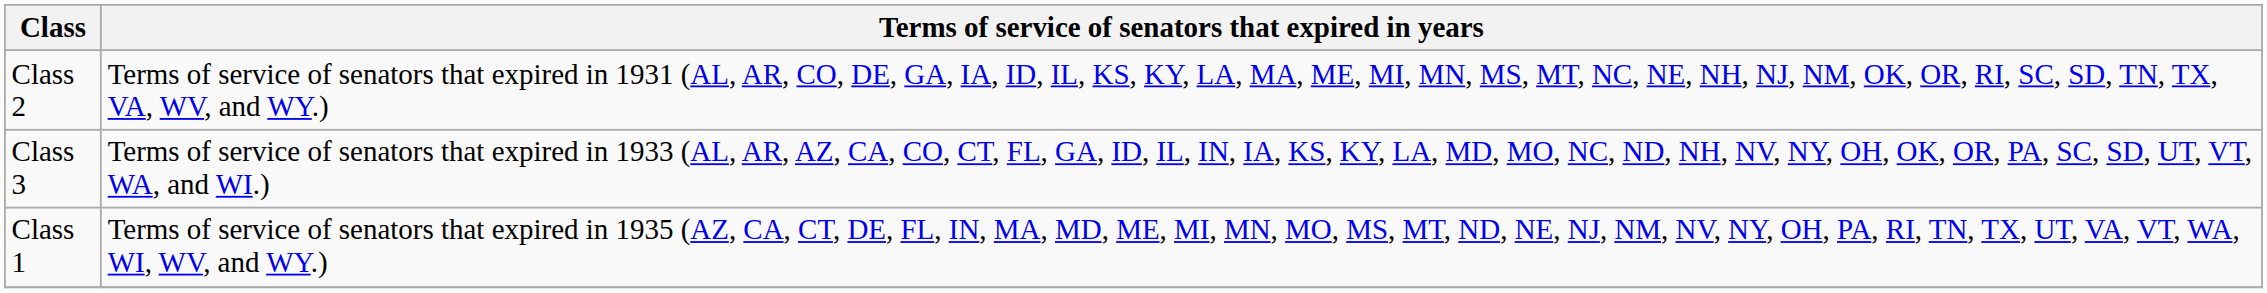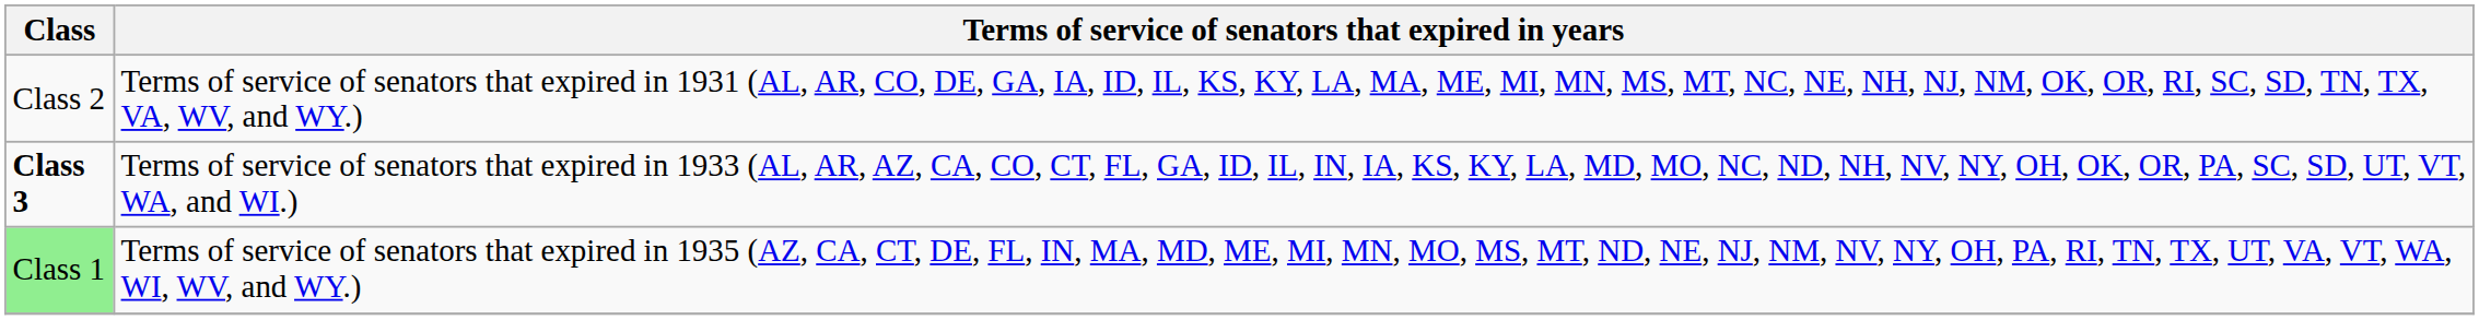 <table class="wikitable sortable">
 <tr valign=bottom>
 <th>Class</th>
 <th>Terms of service of senators that expired in years</th>
 </tr>
 <tr>
 <td>Class 2</td>
 <td>Terms of service of senators that expired in 1931 (<a href='#'>AL</a>, <a href='#'>AR</a>, <a href='#'>CO</a>, <a href='#'>DE</a>, <a href='#'>GA</a>, <a href='#'>IA</a>, <a href='#'>ID</a>, <a href='#'>IL</a>, <a href='#'>KS</a>, <a href='#'>KY</a>, <a href='#'>LA</a>, <a href='#'>MA</a>, <a href='#'>ME</a>, <a href='#'>MI</a>, <a href='#'>MN</a>, <a href='#'>MS</a>, <a href='#'>MT</a>, <a href='#'>NC</a>, <a href='#'>NE</a>, <a href='#'>NH</a>, <a href='#'>NJ</a>, <a href='#'>NM</a>, <a href='#'>OK</a>, <a href='#'>OR</a>, <a href='#'>RI</a>, <a href='#'>SC</a>, <a href='#'>SD</a>, <a href='#'>TN</a>, <a href='#'>TX</a>, <a href='#'>VA</a>, <a href='#'>WV</a>, and <a href='#'>WY</a>.)</td>
 </tr>
 <tr>
-<td>Class 3</td>
+<td><strong>Class 3</strong></td>
 <td>Terms of service of senators that expired in 1933 (<a href='#'>AL</a>, <a href='#'>AR</a>, <a href='#'>AZ</a>, <a href='#'>CA</a>, <a href='#'>CO</a>, <a href='#'>CT</a>, <a href='#'>FL</a>, <a href='#'>GA</a>, <a href='#'>ID</a>, <a href='#'>IL</a>, <a href='#'>IN</a>, <a href='#'>IA</a>, <a href='#'>KS</a>, <a href='#'>KY</a>, <a href='#'>LA</a>, <a href='#'>MD</a>, <a href='#'>MO</a>, <a href='#'>NC</a>, <a href='#'>ND</a>, <a href='#'>NH</a>, <a href='#'>NV</a>, <a href='#'>NY</a>, <a href='#'>OH</a>, <a href='#'>OK</a>, <a href='#'>OR</a>, <a href='#'>PA</a>, <a href='#'>SC</a>, <a href='#'>SD</a>, <a href='#'>UT</a>, <a href='#'>VT</a>, <a href='#'>WA</a>, and <a href='#'>WI</a>.)</td>
 </tr>
 <tr>
-<td>Class 1</td>
+<td style="background: lightgreen;">Class 1</td>
 <td>Terms of service of senators that expired in 1935 (<a href='#'>AZ</a>, <a href='#'>CA</a>, <a href='#'>CT</a>, <a href='#'>DE</a>, <a href='#'>FL</a>, <a href='#'>IN</a>, <a href='#'>MA</a>, <a href='#'>MD</a>, <a href='#'>ME</a>, <a href='#'>MI</a>, <a href='#'>MN</a>, <a href='#'>MO</a>, <a href='#'>MS</a>, <a href='#'>MT</a>, <a href='#'>ND</a>, <a href='#'>NE</a>, <a href='#'>NJ</a>, <a href='#'>NM</a>, <a href='#'>NV</a>, <a href='#'>NY</a>, <a href='#'>OH</a>, <a href='#'>PA</a>, <a href='#'>RI</a>, <a href='#'>TN</a>, <a href='#'>TX</a>, <a href='#'>UT</a>, <a href='#'>VA</a>, <a href='#'>VT</a>, <a href='#'>WA</a>, <a href='#'>WI</a>, <a href='#'>WV</a>, and <a href='#'>WY</a>.)</td>
 </tr>
 <tr>
 </tr>
 </table>
